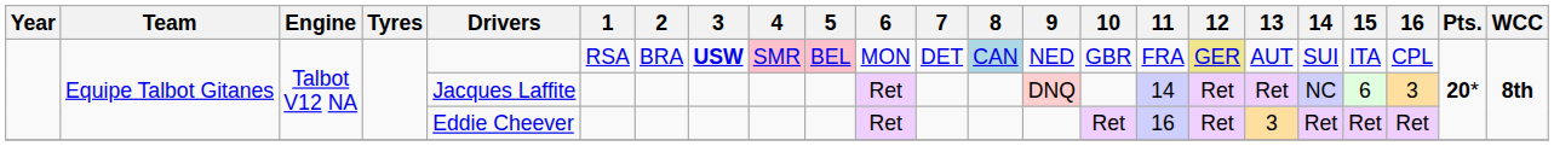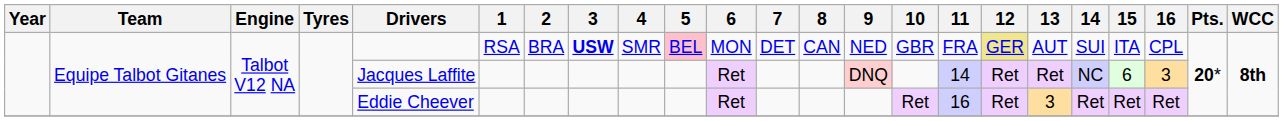 <table class="wikitable" style="text-align:center; font-size:95%">
 <tr>
 <th>Year</th>
 <th>Team</th>
 <th>Engine</th>
 <th>Tyres</th>
 <th>Drivers</th>
 <th>1</th>
 <th>2</th>
 <th>3</th>
 <th>4</th>
 <th>5</th>
 <th>6</th>
 <th>7</th>
 <th>8</th>
 <th>9</th>
 <th>10</th>
 <th>11</th>
 <th>12</th>
 <th>13</th>
 <th>14</th>
 <th>15</th>
 <th>16</th>
 <th>Pts.</th>
 <th>WCC</th>
 </tr>
 <tr>
 <td rowspan="3"></td>
 <td rowspan="3"><a href='#'>Equipe Talbot Gitanes</a></td>
 <td rowspan="3"><a href='#'>Talbot</a><br><a href='#'>V12</a> <a href='#'>NA</a></td>
 <td rowspan="3"></td>
 <td></td>
 <td><a href='#'>RSA</a></td>
 <td><a href='#'>BRA</a></td>
 <td><strong><a href='#'>USW</a></strong></td>
-<td style="background: pink;"><a href='#'>SMR</a></td>
+<td><a href='#'>SMR</a></td>
 <td style="background: pink;"><a href='#'>BEL</a></td>
 <td><a href='#'>MON</a></td>
 <td><a href='#'>DET</a></td>
-<td style="background: lightblue;"><a href='#'>CAN</a></td>
+<td><a href='#'>CAN</a></td>
 <td><a href='#'>NED</a></td>
 <td><a href='#'>GBR</a></td>
 <td><a href='#'>FRA</a></td>
 <td style="background: khaki;"><a href='#'>GER</a></td>
 <td><a href='#'>AUT</a></td>
 <td><a href='#'>SUI</a></td>
 <td><a href='#'>ITA</a></td>
 <td><a href='#'>CPL</a></td>
 <td rowspan="3"><strong>20</strong>*</td>
 <td rowspan="3"><strong>8th</strong></td>
 </tr>
 <tr>
 <td align="left"><a href='#'>Jacques Laffite</a></td>
 <td></td>
 <td></td>
 <td></td>
 <td></td>
 <td></td>
 <td style="background:#EFCFFF;">Ret</td>
 <td></td>
 <td></td>
 <td style="background:#ffcfcf;">DNQ</td>
 <td></td>
 <td style="background:#cfcfff;">14</td>
 <td style="background:#EFCFFF;">Ret</td>
 <td style="background:#EFCFFF;">Ret</td>
 <td style="background:#cfcfff;">NC</td>
 <td style="background:#dfffdf;">6</td>
 <td style="background:#ffdf9f;">3</td>
 </tr>
 <tr>
 <td align="left"><a href='#'>Eddie Cheever</a></td>
 <td></td>
 <td></td>
 <td></td>
 <td></td>
 <td></td>
 <td style="background:#EFCFFF;">Ret</td>
 <td></td>
 <td></td>
 <td></td>
 <td style="background:#EFCFFF;">Ret</td>
 <td style="background:#cfcfff;">16</td>
 <td style="background:#EFCFFF;">Ret</td>
 <td style="background:#ffdf9f;">3</td>
 <td style="background:#EFCFFF;">Ret</td>
 <td style="background:#EFCFFF;">Ret</td>
 <td style="background:#EFCFFF;">Ret</td>
 </tr>
 <tr>
 </tr>
 </table>
